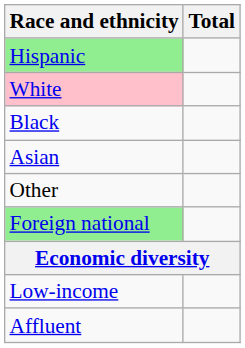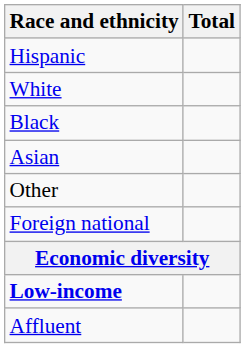 <table class="wikitable floatright sortable collapsible"; text-align:right; font-size:80%;">
 <tr>
 <th>Race and ethnicity</th>
 <th colspan="2" data-sort-type=number>Total</th>
 </tr>
 <tr>
-<td style="background: lightgreen;"><a href='#'>Hispanic</a></td>
+<td><a href='#'>Hispanic</a></td>
 <td align=right></td>
 </tr>
 <tr>
-<td style="background: pink;"><a href='#'>White</a></td>
+<td><a href='#'>White</a></td>
 <td align=right></td>
 </tr>
 <tr>
 <td><a href='#'>Black</a></td>
 <td align=right></td>
 </tr>
 <tr>
 <td><a href='#'>Asian</a></td>
 <td align=right></td>
 </tr>
 <tr>
 <td>Other</td>
 <td align=right></td>
 </tr>
 <tr>
-<td style="background: lightgreen;"><a href='#'>Foreign national</a></td>
+<td><a href='#'>Foreign national</a></td>
 <td align=right></td>
 </tr>
 <tr>
 <th colspan="4" data-sort-type=number><a href='#'>Economic diversity</a></th>
 </tr>
 <tr>
-<td><a href='#'>Low-income</a></td>
+<td><strong><a href='#'>Low-income</a></strong></td>
 <td align=right></td>
 </tr>
 <tr>
 <td><a href='#'>Affluent</a></td>
 <td align=right></td>
 </tr>
 </table>
